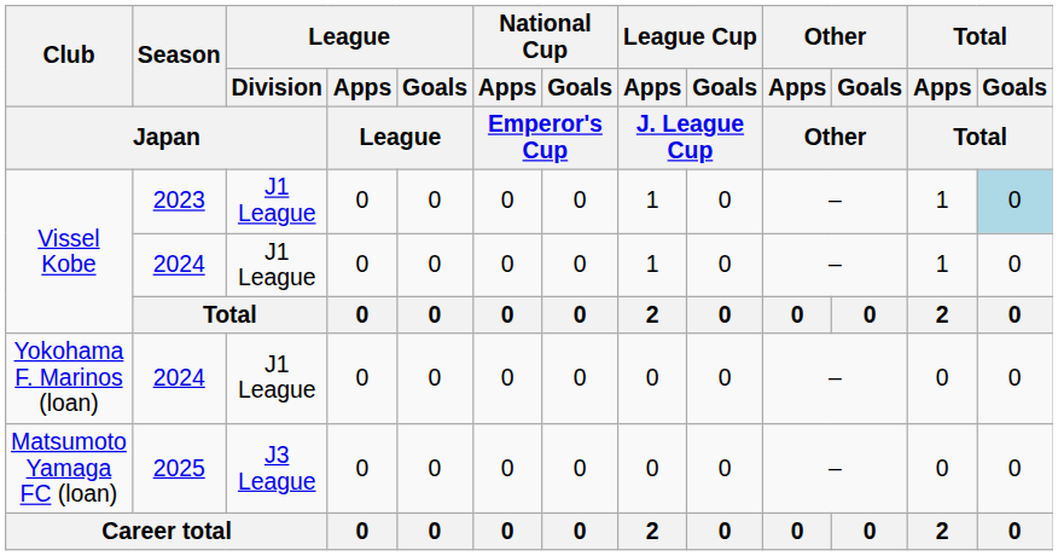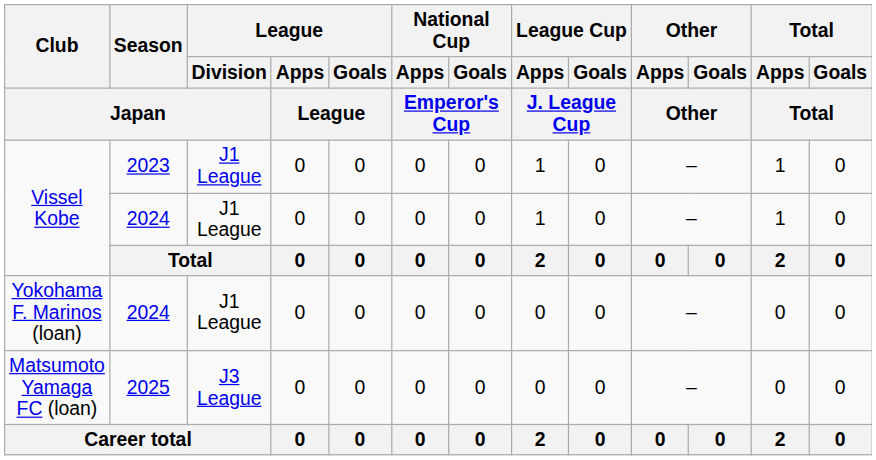 <table class="wikitable" style="text-align:center">
 <tr>
 <th rowspan=2>Club</th>
 <th rowspan=2>Season</th>
 <th colspan=3>League</th>
 <th colspan=2>National Cup</th>
 <th colspan=2>League Cup</th>
 <th colspan=2>Other</th>
 <th colspan=2>Total</th>
 </tr>
 <tr>
 <th>Division</th>
 <th>Apps</th>
 <th>Goals</th>
 <th>Apps</th>
 <th>Goals</th>
 <th>Apps</th>
 <th>Goals</th>
 <th>Apps</th>
 <th>Goals</th>
 <th>Apps</th>
 <th>Goals</th>
 </tr>
 <tr>
 <th colspan=3>Japan</th>
 <th colspan=2>League</th>
 <th colspan=2><a href='#'>Emperor's Cup</a></th>
 <th colspan=2><a href='#'>J. League Cup</a></th>
 <th colspan=2>Other</th>
 <th colspan=2>Total</th>
 </tr>
 <tr>
 <td rowspan="3"><a href='#'>Vissel Kobe</a></td>
 <td><a href='#'>2023</a></td>
 <td><a href='#'>J1 League</a></td>
 <td>0</td>
 <td>0</td>
 <td>0</td>
 <td>0</td>
 <td>1</td>
 <td>0</td>
 <td colspan="2">–</td>
 <td>1</td>
-<td style="background: lightblue;">0</td>
+<td>0</td>
 </tr>
 <tr>
 <td><a href='#'>2024</a></td>
 <td>J1 League</td>
 <td>0</td>
 <td>0</td>
 <td>0</td>
 <td>0</td>
 <td>1</td>
 <td>0</td>
 <td colspan="2">–</td>
 <td>1</td>
 <td>0</td>
 </tr>
 <tr>
 <th colspan="2">Total</th>
 <th>0</th>
 <th>0</th>
 <th>0</th>
 <th>0</th>
 <th>2</th>
 <th>0</th>
 <th>0</th>
 <th>0</th>
 <th>2</th>
 <th>0</th>
 </tr>
 <tr>
 <td><a href='#'>Yokohama F. Marinos</a> (loan)</td>
 <td><a href='#'>2024</a></td>
 <td>J1 League</td>
 <td>0</td>
 <td>0</td>
 <td>0</td>
 <td>0</td>
 <td>0</td>
 <td>0</td>
 <td colspan="2">–</td>
 <td>0</td>
 <td>0</td>
 </tr>
 <tr>
 <td><a href='#'>Matsumoto Yamaga FC</a> (loan)</td>
 <td><a href='#'>2025</a></td>
 <td><a href='#'>J3 League</a></td>
 <td>0</td>
 <td>0</td>
 <td>0</td>
 <td>0</td>
 <td>0</td>
 <td>0</td>
 <td colspan="2">–</td>
 <td>0</td>
 <td>0</td>
 </tr>
 <tr>
 <th colspan=3>Career total</th>
 <th>0</th>
 <th>0</th>
 <th>0</th>
 <th>0</th>
 <th>2</th>
 <th>0</th>
 <th>0</th>
 <th>0</th>
 <th>2</th>
 <th>0</th>
 </tr>
 </table>
